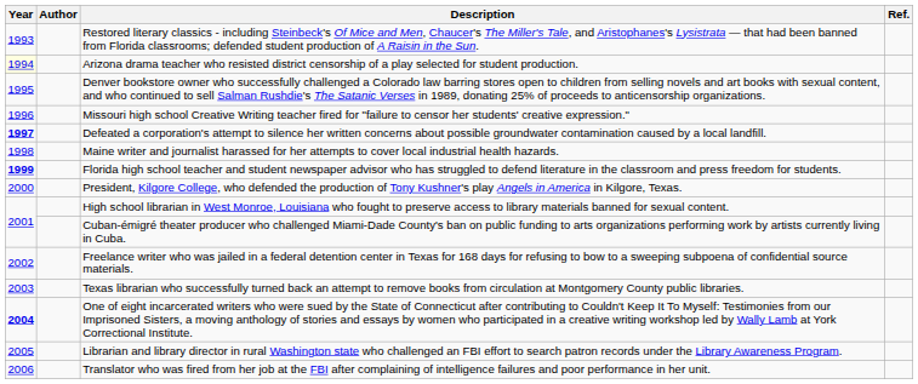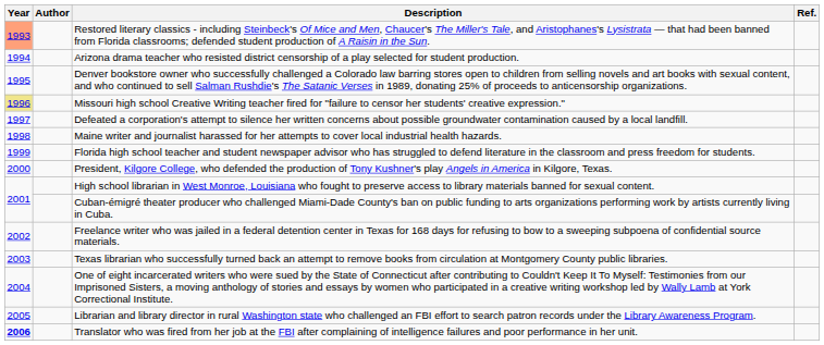 <table class="wikitable sortable mw-collapsible">
 <tr>
 <th>Year</th>
 <th>Author</th>
 <th>Description</th>
 <th>Ref.</th>
 </tr>
 <tr>
-<td><a href='#'>1993</a></td>
+<td style="background: lightsalmon;"><a href='#'>1993</a></td>
 <td></td>
 <td>Restored literary classics - including <a href='#'>Steinbeck</a>'s <em><a href='#'>Of Mice and Men</a></em>, <a href='#'>Chaucer</a>'s <em><a href='#'>The Miller's Tale</a></em>, and <a href='#'>Aristophanes</a>'s <em><a href='#'>Lysistrata</a></em> — that had been banned from Florida classrooms; defended student production of <em><a href='#'>A Raisin in the Sun</a></em>.</td>
 <td></td>
 </tr>
 <tr>
-<td style="background: lightyellow;"><a href='#'>1994</a></td>
+<td><a href='#'>1994</a></td>
 <td></td>
 <td>Arizona drama teacher who resisted district censorship of a play selected for student production.</td>
 <td></td>
 </tr>
 <tr>
 <td><a href='#'>1995</a></td>
 <td></td>
 <td>Denver bookstore owner who successfully challenged a Colorado law barring stores open to children from selling novels and art books with sexual content, and who continued to sell <a href='#'>Salman Rushdie</a>'s <em><a href='#'>The Satanic Verses</a></em> in 1989, donating 25% of proceeds to anticensorship organizations.</td>
 <td></td>
 </tr>
 <tr>
-<td><a href='#'>1996</a></td>
+<td style="background: khaki;"><a href='#'>1996</a></td>
 <td></td>
 <td>Missouri high school Creative Writing teacher fired for "failure to censor her students' creative expression."</td>
 <td></td>
 </tr>
 <tr>
-<td><strong><a href='#'>1997</a></strong></td>
+<td><a href='#'>1997</a></td>
 <td></td>
 <td>Defeated a corporation's attempt to silence her written concerns about possible groundwater contamination caused by a local landfill.</td>
 <td></td>
 </tr>
 <tr>
 <td><a href='#'>1998</a></td>
 <td></td>
 <td>Maine writer and journalist harassed for her attempts to cover local industrial health hazards.</td>
 <td></td>
 </tr>
 <tr>
-<td><strong><a href='#'>1999</a></strong></td>
+<td><a href='#'>1999</a></td>
 <td></td>
 <td>Florida high school teacher and student newspaper advisor who has struggled to defend literature in the classroom and press freedom for students.</td>
 <td></td>
 </tr>
 <tr>
 <td><a href='#'>2000</a></td>
 <td></td>
 <td>President, <a href='#'>Kilgore College</a>, who defended the production of <a href='#'>Tony Kushner</a>'s play <em><a href='#'>Angels in America</a></em> in Kilgore, Texas.</td>
 <td></td>
 </tr>
 <tr>
 <td rowspan="2"><a href='#'>2001</a></td>
 <td></td>
 <td>High school librarian in <a href='#'>West Monroe, Louisiana</a> who fought to preserve access to library materials banned for sexual content.</td>
 <td></td>
 </tr>
 <tr>
 <td></td>
 <td>Cuban-émigré theater producer who challenged Miami-Dade County's ban on public funding to arts organizations performing work by artists currently living in Cuba.</td>
 <td></td>
 </tr>
 <tr>
 <td><a href='#'>2002</a></td>
 <td></td>
 <td>Freelance writer who was jailed in a federal detention center in Texas for 168 days for refusing to bow to a sweeping subpoena of confidential source materials.</td>
 <td></td>
 </tr>
 <tr>
 <td><a href='#'>2003</a></td>
 <td></td>
 <td>Texas librarian who successfully turned back an attempt to remove books from circulation at Montgomery County public libraries.</td>
 <td></td>
 </tr>
 <tr>
-<td><strong><a href='#'>2004</a></strong></td>
+<td><a href='#'>2004</a></td>
 <td></td>
 <td>One of eight incarcerated writers who were sued by the State of Connecticut after contributing to Couldn't Keep It To Myself: Testimonies from our Imprisoned Sisters, a moving anthology of stories and essays by women who participated in a creative writing workshop led by <a href='#'>Wally Lamb</a> at York Correctional Institute.</td>
 <td></td>
 </tr>
 <tr>
 <td><a href='#'>2005</a></td>
 <td></td>
 <td>Librarian and library director in rural <a href='#'>Washington state</a> who challenged an FBI effort to search patron records under the <a href='#'>Library Awareness Program</a>.</td>
 <td></td>
 </tr>
 <tr>
-<td><a href='#'>2006</a></td>
+<td><strong><a href='#'>2006</a></strong></td>
 <td></td>
 <td>Translator who was fired from her job at the <a href='#'>FBI</a> after complaining of intelligence failures and poor performance in her unit.</td>
 <td></td>
 </tr>
 </table>
